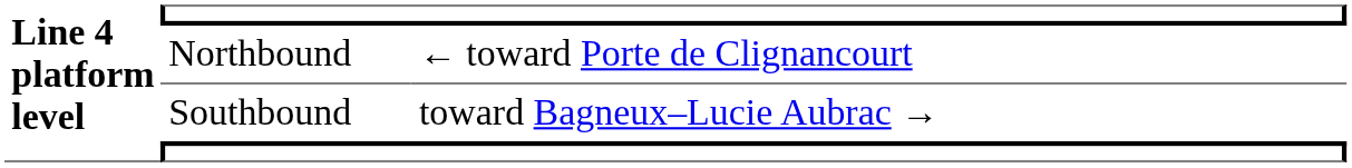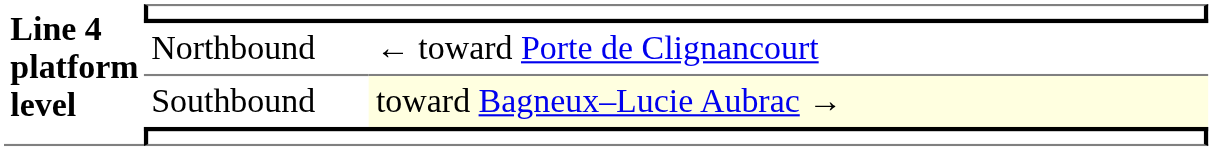 <table border=0 cellspacing=0 cellpadding=3>
 <tr>
 <td style="border-bottom:solid 1px gray;" width=50 rowspan=10 valign=top><strong>Line 4 platform level</strong></td>
 <td style="border-top:solid 1px gray;border-right:solid 2px black;border-left:solid 2px black;border-bottom:solid 2px black;text-align:center;" colspan=2></td>
 </tr>
 <tr>
 <td style="border-bottom:solid 1px gray;" width=100>Northbound</td>
 <td style="border-bottom:solid 1px gray;" width=390>←   toward <a href='#'>Porte de Clignancourt</a> </td>
 </tr>
 <tr>
 <td>Southbound</td>
-<td>   toward <a href='#'>Bagneux–Lucie Aubrac</a>  →</td>
+<td style="background: lightyellow;">   toward <a href='#'>Bagneux–Lucie Aubrac</a>  →</td>
 </tr>
 <tr>
 <td style="border-top:solid 2px black;border-right:solid 2px black;border-left:solid 2px black;border-bottom:solid 1px gray;text-align:center;" colspan=2></td>
 </tr>
 </table>
